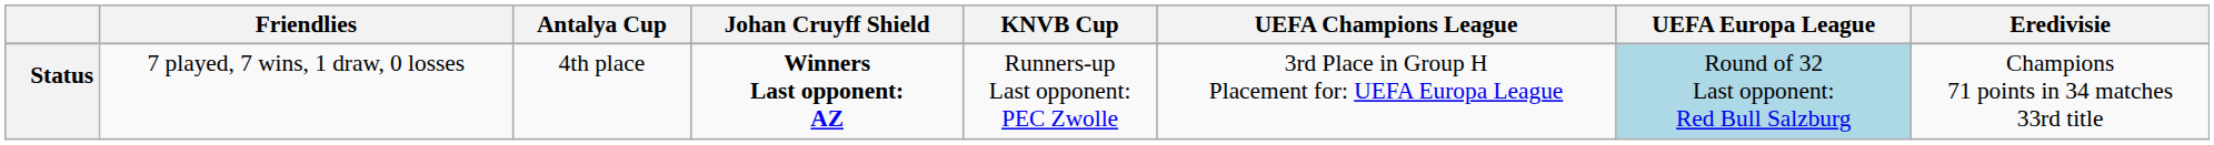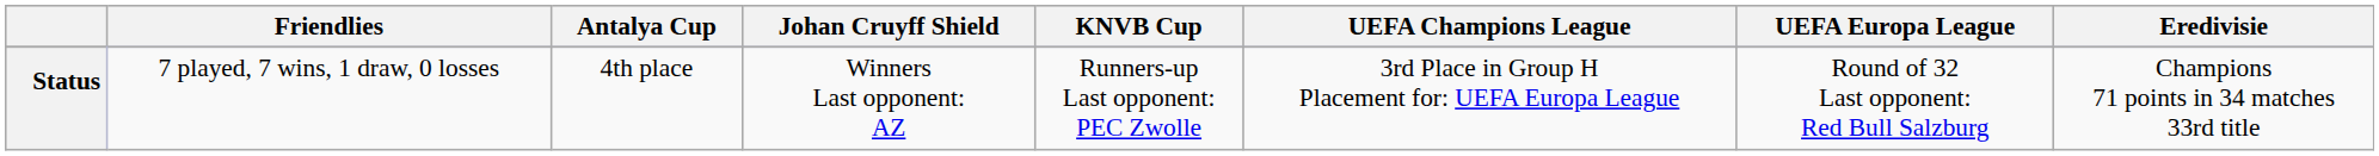 <table class="wikitable" style="width:100%; font-size:85%;">
 <tr>
 <th></th>
 <th style="border-bottom:1px solid #B5B7CF;">Friendlies</th>
 <th style="border-bottom:1px solid #B5B7CF;">Antalya Cup</th>
 <th style="border-bottom:1px solid #B5B7CF;">Johan Cruyff Shield</th>
 <th style="border-bottom:1px solid #B5B7CF;">KNVB Cup</th>
 <th style="border-bottom:1px solid #B5B7CF;">UEFA Champions League</th>
 <th style="border-bottom:1px solid #B5B7CF;">UEFA Europa League</th>
 <th style="border-bottom:1px solid #B5B7CF;">Eredivisie</th>
 </tr>
 <tr>
 </tr>
 <tr style="font-size:100%;" valign="top">
 <th style="border-right:1px solid #B5B7CF;text-align:right;padding-top:10px;">Status</th>
 <td align=center>7 played, 7 wins, 1 draw, 0 losses</td>
 <td align=center>4th place</td>
-<td align=center><strong>Winners<br>Last opponent:<br> <a href='#'>AZ</a></strong></td>
+<td align=center>Winners<br>Last opponent:<br> <a href='#'>AZ</a></td>
 <td align=center>Runners-up<br>Last opponent:<br> <a href='#'>PEC Zwolle</a></td>
 <td align=center>3rd Place in Group H<br>Placement for: <a href='#'>UEFA Europa League</a></td>
-<td align=center style="background: lightblue;">Round of 32<br>Last opponent:<br><a href='#'>Red Bull Salzburg</a></td>
+<td align=center>Round of 32<br>Last opponent:<br><a href='#'>Red Bull Salzburg</a></td>
 <td align=center>Champions<br>71 points in 34 matches<br>33rd title</td>
 </tr>
 </table>
